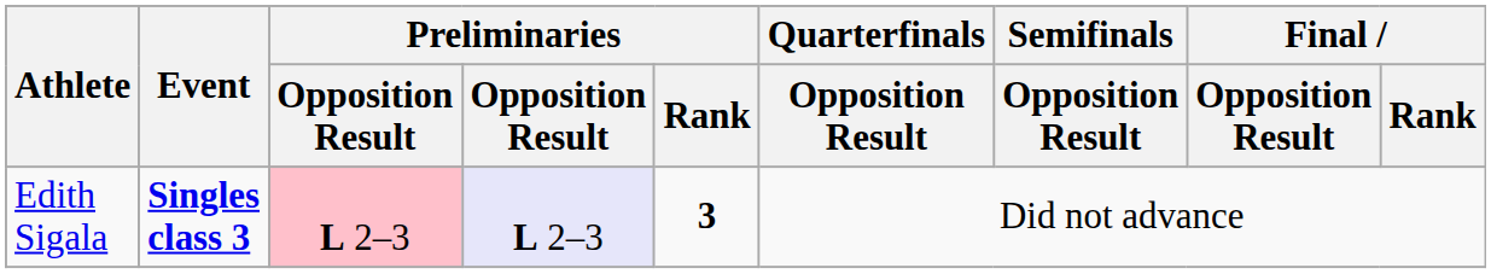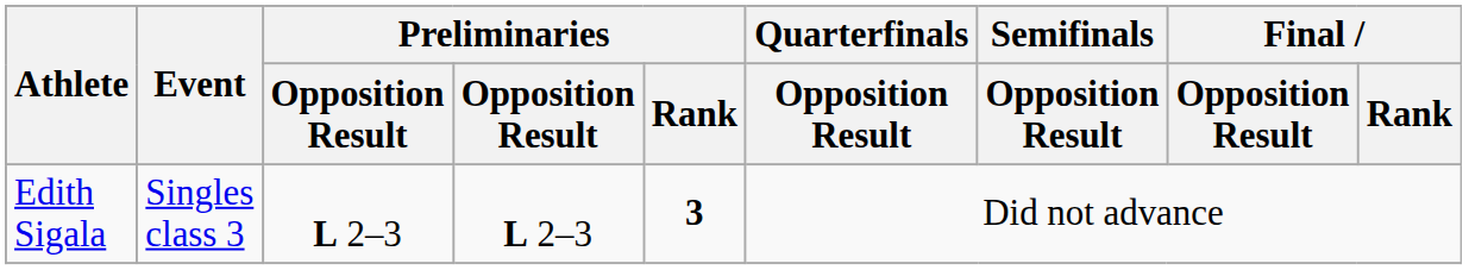 <table class=wikitable>
 <tr>
 <th rowspan="2">Athlete</th>
 <th rowspan="2">Event</th>
 <th colspan="3">Preliminaries</th>
 <th>Quarterfinals</th>
 <th>Semifinals</th>
 <th colspan="2">Final / </th>
 </tr>
 <tr>
 <th>Opposition<br>Result</th>
 <th>Opposition<br>Result</th>
 <th>Rank</th>
 <th>Opposition<br>Result</th>
 <th>Opposition<br>Result</th>
 <th>Opposition<br>Result</th>
 <th>Rank</th>
 </tr>
 <tr>
 <td><a href='#'>Edith Sigala</a></td>
-<td><strong><a href='#'>Singles class 3</a></strong></td>
-<td align="center" style="background: pink;"><br><strong>L</strong> 2–3</td>
-<td align="center" style="background: lavender;"><br><strong>L</strong> 2–3</td>
+<td><a href='#'>Singles class 3</a></td>
+<td align="center"><br><strong>L</strong> 2–3</td>
+<td align="center"><br><strong>L</strong> 2–3</td>
 <td align="center"><strong>3</strong></td>
 <td align="center" colspan=5>Did not advance</td>
 </tr>
 </table>
